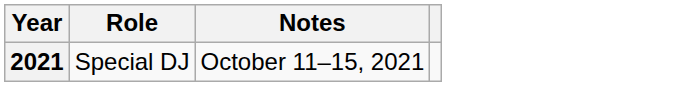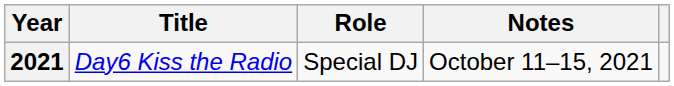 <table class="wikitable plainrowheaders">
 <tr>
 <th scope="col">Year</th>
+<th scope="col">Title</th>
 <th scope="col">Role</th>
 <th scope="col">Notes</th>
 <th scope="col"></th>
 </tr>
 <tr>
 <th scope="row">2021</th>
+<td><em><a href='#'>Day6 Kiss the Radio</a></em></td>
 <td>Special DJ</td>
 <td>October 11–15, 2021</td>
 <td style="text-align:center"></td>
 </tr>
 </table>
